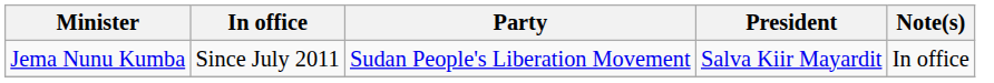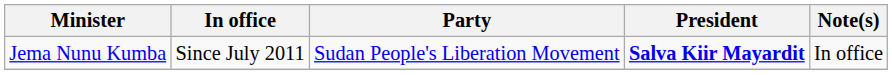 <table class="wikitable">
 <tr>
 <th>Minister</th>
 <th>In office</th>
 <th>Party</th>
 <th>President</th>
 <th>Note(s)</th>
 </tr>
 <tr>
 <td><a href='#'>Jema Nunu Kumba</a></td>
 <td>Since July 2011</td>
 <td><a href='#'>Sudan People's Liberation Movement</a></td>
-<td><a href='#'>Salva Kiir Mayardit</a></td>
+<td><strong><a href='#'>Salva Kiir Mayardit</a></strong></td>
 <td>In office</td>
 </tr>
 <tr>
 </tr>
 </table>
